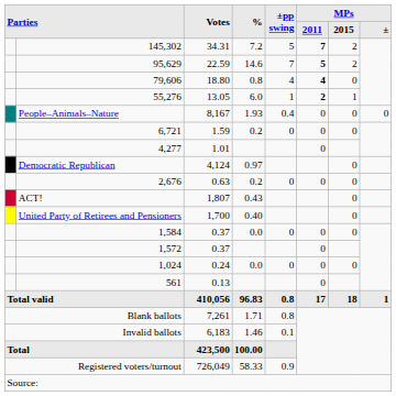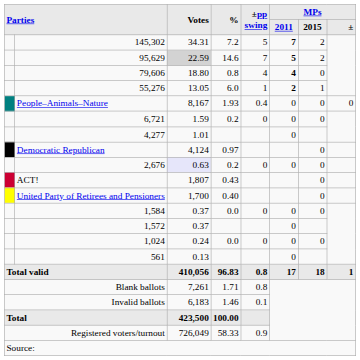 <table class="wikitable" style="text-align:right; font-size:95%;">
 <tr>
 <th rowspan="2" colspan="2" style="background:#e9e9e9; text-align:left;" alignleft><a href='#'>Parties</a></th>
 <th rowspan="2" style="background:#e9e9e9; text-align:right;">Votes</th>
 <th rowspan="2" style="background:#e9e9e9; text-align:right;">%</th>
 <th rowspan="2" style="background:#e9e9e9; text-align:right;">±<a href='#'>pp</a> <a href='#'>swing</a></th>
 <th colspan="3" style="background:#e9e9e9; text-align:center;"><a href='#'>MPs</a></th>
 </tr>
 <tr style="background-color:#E9E9E9">
 <th style="background-color:#E9E9E9;text-align:center;"><a href='#'>2011</a></th>
 <th style="background-color:#E9E9E9;text-align:center;">2015</th>
 <th style="background:#e9e9e9; text-align:right;">±</th>
 </tr>
 <tr>
 <td></td>
 <td>145,302</td>
 <td>34.31</td>
 <td>7.2</td>
 <td>5</td>
 <td><strong>7</strong></td>
 <td>2</td>
 </tr>
 <tr>
 <td> </td>
 <td>95,629</td>
-<td>22.59</td>
+<td style="background: lightgrey;">22.59</td>
 <td>14.6</td>
 <td>7</td>
 <td><strong>5</strong></td>
 <td>2</td>
 </tr>
 <tr>
 <td></td>
 <td>79,606</td>
 <td>18.80</td>
 <td>0.8</td>
 <td>4</td>
 <td><strong>4</strong></td>
 <td>0</td>
 </tr>
 <tr>
 <td></td>
 <td>55,276</td>
 <td>13.05</td>
 <td>6.0</td>
 <td>1</td>
 <td><strong>2</strong></td>
 <td>1</td>
 </tr>
 <tr>
 <td style="width: 10px" bgcolor="teal" align="center"></td>
 <td align="left"><a href='#'>People–Animals–Nature</a></td>
 <td>8,167</td>
 <td>1.93</td>
 <td>0.4</td>
 <td>0</td>
 <td>0</td>
 <td>0</td>
 </tr>
 <tr>
 <td></td>
 <td>6,721</td>
 <td>1.59</td>
 <td>0.2</td>
 <td>0</td>
 <td>0</td>
 <td>0</td>
 </tr>
 <tr>
 <td></td>
 <td>4,277</td>
 <td>1.01</td>
 <td></td>
 <td></td>
 <td>0</td>
 <td></td>
 </tr>
 <tr>
 <td style="width: 10px" bgcolor=black align="center"></td>
 <td align=left><a href='#'>Democratic Republican</a></td>
 <td>4,124</td>
 <td>0.97</td>
 <td></td>
 <td></td>
 <td>0</td>
 <td></td>
 </tr>
 <tr>
 <td></td>
 <td>2,676</td>
-<td>0.63</td>
+<td style="background: lavender;">0.63</td>
 <td>0.2</td>
 <td>0</td>
 <td>0</td>
 <td>0</td>
 </tr>
 <tr>
 <td style="width:10px; background:#CC0033; text-align:center;"></td>
 <td style="text-align:left;">ACT! </td>
 <td>1,807</td>
 <td>0.43</td>
 <td></td>
 <td></td>
 <td>0</td>
 <td></td>
 </tr>
 <tr>
 <td style="width: 10px" bgcolor=yellow align="center"></td>
 <td align=left><a href='#'>United Party of Retirees and Pensioners</a></td>
 <td>1,700</td>
 <td>0.40</td>
 <td></td>
 <td></td>
 <td>0</td>
 <td></td>
 </tr>
 <tr>
 <td></td>
 <td>1,584</td>
 <td>0.37</td>
 <td>0.0</td>
 <td>0</td>
 <td>0</td>
 <td>0</td>
 </tr>
 <tr>
 <td></td>
 <td>1,572</td>
 <td>0.37</td>
 <td></td>
 <td></td>
 <td>0</td>
 <td></td>
 </tr>
 <tr>
 <td></td>
 <td>1,024</td>
 <td>0.24</td>
 <td>0.0</td>
 <td>0</td>
 <td>0</td>
 <td>0</td>
 </tr>
 <tr>
 <td></td>
 <td>561</td>
 <td>0.13</td>
 <td></td>
 <td></td>
 <td>0</td>
 <td></td>
 </tr>
 <tr>
 <td colspan=2 align=left style="background-color:#E9E9E9"><strong>Total valid</strong></td>
 <td width="65" align="right" style="background-color:#E9E9E9"><strong>410,056</strong></td>
 <td width="40" align="right" style="background-color:#E9E9E9"><strong>96.83</strong></td>
 <td width="40" align="right" style="background-color:#E9E9E9"><strong>0.8</strong></td>
 <td width="40" align="right" style="background-color:#E9E9E9"><strong>17</strong></td>
 <td width="40" align="right" style="background-color:#E9E9E9"><strong>18</strong></td>
 <td width="40" align="right" style="background-color:#E9E9E9"><strong>1</strong></td>
 </tr>
 <tr>
 <td colspan=2>Blank ballots</td>
 <td>7,261</td>
 <td>1.71</td>
 <td>0.8</td>
 <td colspan=4 rowspan=4></td>
 </tr>
 <tr>
 <td colspan=2>Invalid ballots</td>
 <td>6,183</td>
 <td>1.46</td>
 <td>0.1</td>
 </tr>
 <tr>
 <td colspan=2 width="259" align=left style="background-color:#E9E9E9"><strong>Total</strong></td>
 <td width="50" align="right" style="background-color:#E9E9E9"><strong>423,500</strong></td>
 <td width="40" align="right" style="background-color:#E9E9E9"><strong>100.00</strong></td>
 <td width="40" align="right" style="background-color:#E9E9E9"></td>
 </tr>
 <tr>
 <td colspan=2>Registered voters/turnout</td>
 <td>726,049</td>
 <td>58.33</td>
 <td>0.9</td>
 </tr>
 <tr>
 <td colspan=11 align=left>Source: </td>
 </tr>
 </table>
